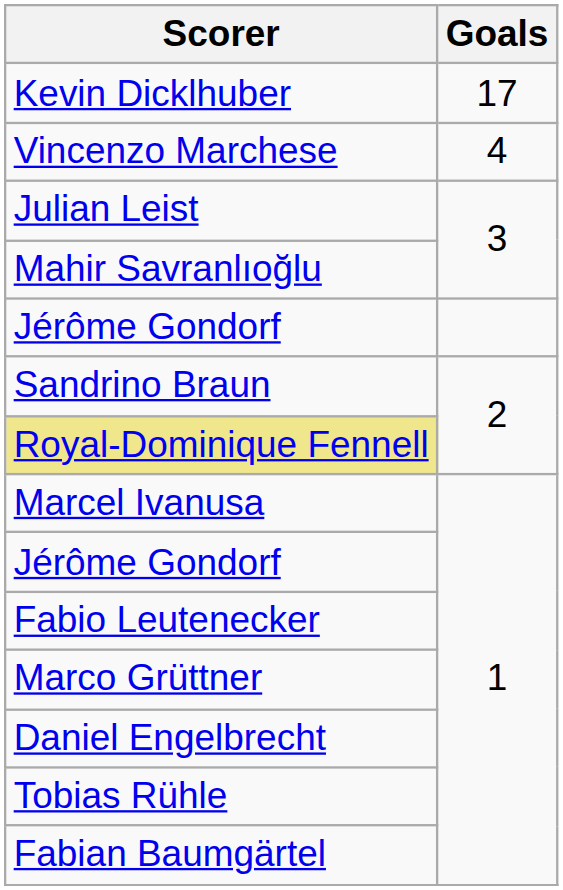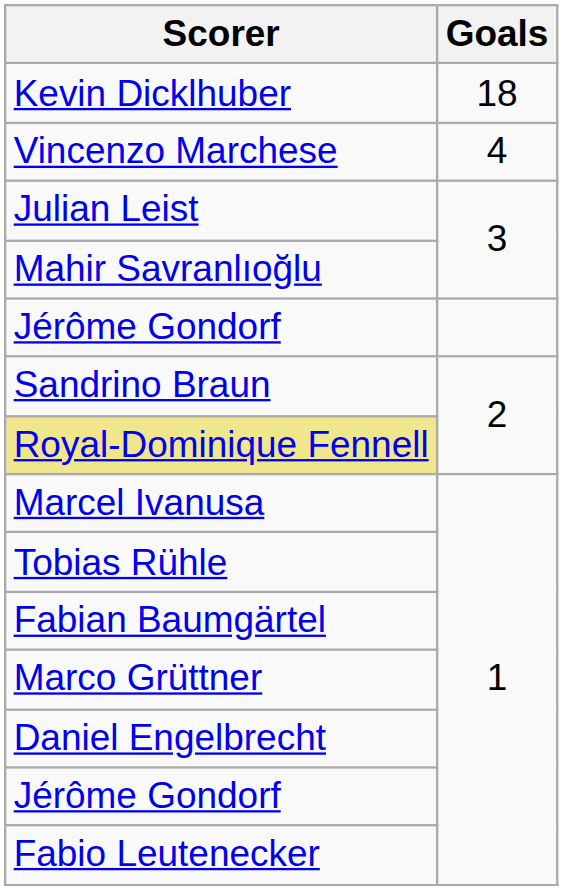 <table class="wikitable">
 <tr>
 <th>Scorer</th>
 <th>Goals</th>
 </tr>
 <tr>
 <td> <a href='#'>Kevin Dicklhuber</a></td>
-<td align=center>17</td>
+<td align=center>18</td>
 </tr>
 <tr>
 <td> <a href='#'>Vincenzo Marchese</a></td>
 <td align=center>4</td>
 </tr>
 <tr>
 <td> <a href='#'>Julian Leist</a></td>
 <td rowspan="2" align=center>3</td>
 </tr>
 <tr>
 <td> <a href='#'>Mahir Savranlıoğlu</a></td>
 </tr>
 <tr>
 <td> <a href='#'>Jérôme Gondorf</a></td>
 </tr>
 <tr>
 <td> <a href='#'>Sandrino Braun</a></td>
 <td rowspan="2" align=center>2</td>
 </tr>
 <tr>
 <td style="background: khaki;"> <a href='#'>Royal-Dominique Fennell</a></td>
 </tr>
 <tr>
 <td> <a href='#'>Marcel Ivanusa</a></td>
 <td rowspan="7" align=center>1</td>
 </tr>
 <tr>
-<td> <a href='#'>Jérôme Gondorf</a></td>
+<td> <a href='#'>Tobias Rühle</a></td>
 </tr>
 <tr>
-<td> <a href='#'>Fabio Leutenecker</a></td>
+<td> <a href='#'>Fabian Baumgärtel</a></td>
 </tr>
 <tr>
 <td> <a href='#'>Marco Grüttner</a></td>
 </tr>
 <tr>
 <td> <a href='#'>Daniel Engelbrecht</a></td>
 </tr>
 <tr>
-<td> <a href='#'>Tobias Rühle</a></td>
+<td> <a href='#'>Jérôme Gondorf</a></td>
 </tr>
 <tr>
-<td> <a href='#'>Fabian Baumgärtel</a></td>
+<td> <a href='#'>Fabio Leutenecker</a></td>
 </tr>
 <tr>
 </tr>
 </table>
